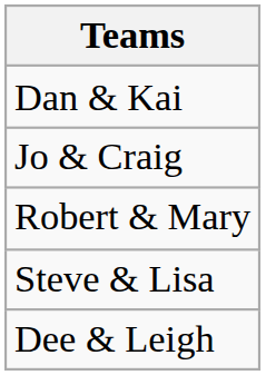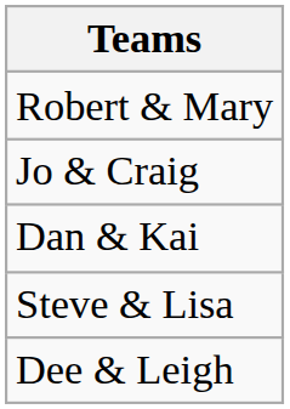 <table class="wikitable">
 <tr>
 <th>Teams</th>
 </tr>
 <tr>
-<td>Dan & Kai</td>
+<td>Robert & Mary</td>
 </tr>
 <tr>
 <td>Jo & Craig</td>
 </tr>
 <tr>
-<td>Robert & Mary</td>
+<td>Dan & Kai</td>
 </tr>
 <tr>
 <td>Steve & Lisa</td>
 </tr>
 <tr>
 <td>Dee & Leigh</td>
 </tr>
 </table>
